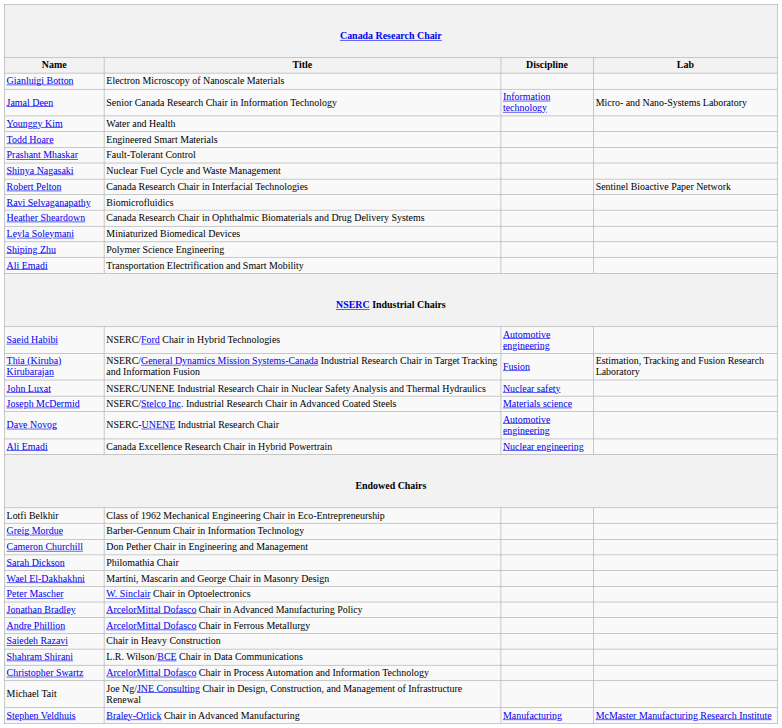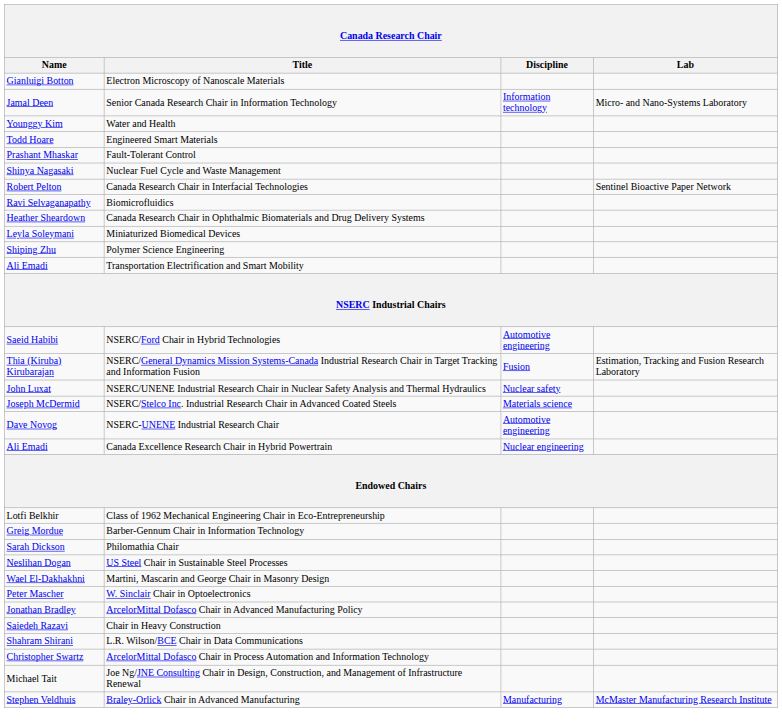 <table class="wikitable">
 <tr>
 <th colspan="4"><br><h4><a href='#'>Canada Research Chair</a></h4></th>
 </tr>
 <tr>
 <th>Name</th>
 <th>Title</th>
 <th>Discipline</th>
 <th>Lab</th>
 </tr>
 <tr>
 <td><a href='#'>Gianluigi Botton</a></td>
 <td>Electron Microscopy of Nanoscale Materials</td>
 <td></td>
 <td></td>
 </tr>
 <tr>
 <td><a href='#'>Jamal Deen</a></td>
 <td>Senior Canada Research Chair in Information Technology</td>
 <td><a href='#'>Information technology</a></td>
 <td>Micro- and Nano-Systems Laboratory</td>
 </tr>
 <tr>
 <td><a href='#'>Younggy Kim</a></td>
 <td>Water and Health</td>
 <td></td>
 <td></td>
 </tr>
 <tr>
 <td><a href='#'>Todd Hoare</a></td>
 <td>Engineered Smart Materials</td>
 <td></td>
 <td></td>
 </tr>
 <tr>
 <td><a href='#'>Prashant Mhaskar</a></td>
 <td>Fault-Tolerant Control</td>
 <td></td>
 <td></td>
 </tr>
 <tr>
 <td><a href='#'>Shinya Nagasaki</a></td>
 <td>Nuclear Fuel Cycle and Waste Management</td>
 <td></td>
 <td></td>
 </tr>
 <tr>
 <td><a href='#'>Robert Pelton</a></td>
 <td>Canada Research Chair in Interfacial Technologies</td>
 <td></td>
 <td>Sentinel Bioactive Paper Network</td>
 </tr>
 <tr>
 <td><a href='#'>Ravi Selvaganapathy</a></td>
 <td>Biomicrofluidics</td>
 <td></td>
 <td></td>
 </tr>
 <tr>
 <td><a href='#'>Heather Sheardown</a></td>
 <td>Canada Research Chair in Ophthalmic Biomaterials and Drug Delivery Systems</td>
 <td></td>
 <td></td>
 </tr>
 <tr>
 <td><a href='#'>Leyla Soleymani</a></td>
 <td>Miniaturized Biomedical Devices</td>
 <td></td>
 <td></td>
 </tr>
 <tr>
 <td><a href='#'>Shiping Zhu</a></td>
 <td>Polymer Science Engineering</td>
 <td></td>
 <td></td>
 </tr>
 <tr>
 <td><a href='#'>Ali Emadi</a></td>
 <td>Transportation Electrification and Smart Mobility</td>
 <td></td>
 <td></td>
 </tr>
 <tr>
 <th colspan="4"><br><h4><a href='#'>NSERC</a> Industrial Chairs</h4></th>
 </tr>
 <tr>
 <td><a href='#'>Saeid Habibi</a></td>
 <td>NSERC/<a href='#'>Ford</a> Chair in Hybrid Technologies</td>
 <td><a href='#'>Automotive engineering</a></td>
 <td></td>
 </tr>
 <tr>
 <td><a href='#'>Thia (Kiruba) Kirubarajan</a></td>
 <td>NSERC/<a href='#'>General Dynamics Mission Systems-Canada</a> Industrial Research Chair in Target Tracking and Information Fusion</td>
 <td><a href='#'>Fusion</a></td>
 <td>Estimation, Tracking and Fusion Research Laboratory</td>
 </tr>
 <tr>
 <td><a href='#'>John Luxat</a></td>
 <td>NSERC/UNENE Industrial Research Chair in Nuclear Safety Analysis and Thermal Hydraulics</td>
 <td><a href='#'>Nuclear safety</a></td>
 <td></td>
 </tr>
 <tr>
 <td><a href='#'>Joseph McDermid</a></td>
 <td>NSERC/<a href='#'>Stelco Inc</a>. Industrial Research Chair in Advanced Coated Steels</td>
 <td><a href='#'>Materials science</a></td>
 <td></td>
 </tr>
 <tr>
 <td><a href='#'>Dave Novog</a></td>
 <td>NSERC-<a href='#'>UNENE</a> Industrial Research Chair</td>
 <td><a href='#'>Automotive engineering</a></td>
 <td></td>
 </tr>
 <tr>
 <td><a href='#'>Ali Emadi</a></td>
 <td>Canada Excellence Research Chair in Hybrid Powertrain</td>
 <td><a href='#'>Nuclear engineering</a></td>
 <td></td>
 </tr>
 <tr>
 <th colspan="4"><br><h4>Endowed Chairs</h4></th>
 </tr>
 <tr>
 <td>Lotfi Belkhir</td>
 <td>Class of 1962 Mechanical Engineering Chair in Eco-Entrepreneurship</td>
 <td></td>
 <td></td>
 </tr>
 <tr>
 <td><a href='#'>Greig Mordue</a></td>
 <td>Barber-Gennum Chair in Information Technology</td>
 <td></td>
 <td></td>
 </tr>
 <tr>
-<td><a href='#'>Cameron Churchill</a></td>
-<td>Don Pether Chair in Engineering and Management</td>
+<td><a href='#'>Sarah Dickson</a></td>
+<td>Philomathia Chair</td>
 <td></td>
 <td></td>
 </tr>
 <tr>
-<td><a href='#'>Sarah Dickson</a></td>
-<td>Philomathia Chair</td>
+<td><a href='#'>Neslihan Dogan</a></td>
+<td><a href='#'>US Steel</a> Chair in Sustainable Steel Processes</td>
 <td></td>
 <td></td>
 </tr>
 <tr>
 <td><a href='#'>Wael El-Dakhakhni</a></td>
 <td>Martini, Mascarin and George Chair in Masonry Design</td>
 <td></td>
 <td></td>
 </tr>
 <tr>
 <td><a href='#'>Peter Mascher</a></td>
 <td><a href='#'>W. Sinclair</a> Chair in Optoelectronics</td>
 <td></td>
 <td></td>
 </tr>
 <tr>
 <td><a href='#'>Jonathan Bradley</a></td>
 <td><a href='#'>ArcelorMittal Dofasco</a> Chair in Advanced Manufacturing Policy</td>
-<td></td>
-<td></td>
-</tr>
-<tr>
-<td><a href='#'>Andre Phillion</a></td>
-<td><a href='#'>ArcelorMittal Dofasco</a> Chair in Ferrous Metallurgy</td>
 <td></td>
 <td></td>
 </tr>
 <tr>
 <td><a href='#'>Saiedeh Razavi</a></td>
 <td>Chair in Heavy Construction</td>
 <td></td>
 <td></td>
 </tr>
 <tr>
 <td><a href='#'>Shahram Shirani</a></td>
 <td>L.R. Wilson/<a href='#'>BCE</a> Chair in Data Communications</td>
 <td></td>
 <td></td>
 </tr>
 <tr>
 <td><a href='#'>Christopher Swartz</a></td>
 <td><a href='#'>ArcelorMittal Dofasco</a> Chair in Process Automation and Information Technology</td>
 <td></td>
 <td></td>
 </tr>
 <tr>
 <td>Michael Tait</td>
 <td>Joe Ng/<a href='#'>JNE Consulting</a> Chair in Design, Construction, and Management of Infrastructure Renewal</td>
 <td></td>
 <td></td>
 </tr>
 <tr>
 <td><a href='#'>Stephen Veldhuis</a></td>
 <td><a href='#'>Braley-Orlick</a> Chair in Advanced Manufacturing</td>
 <td><a href='#'>Manufacturing</a></td>
 <td><a href='#'>McMaster Manufacturing Research Institute</a></td>
 </tr>
 </table>
